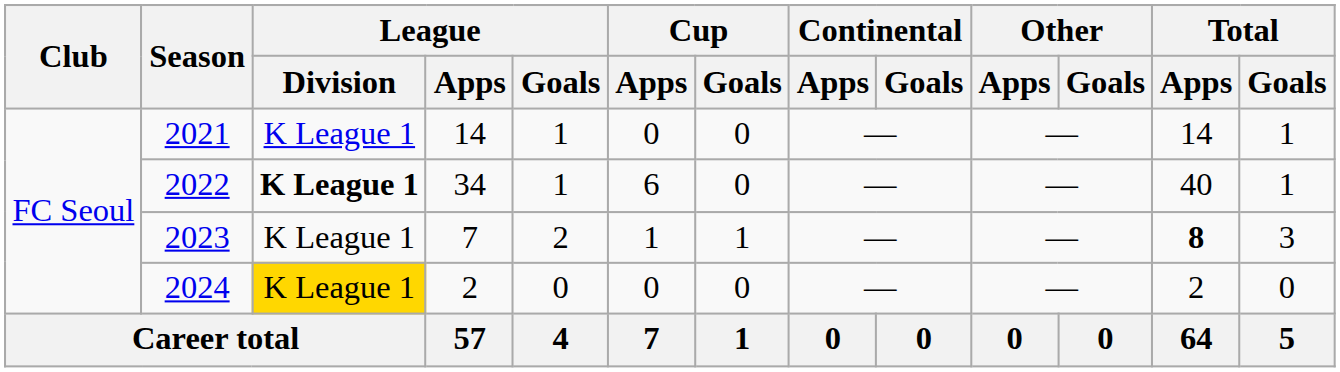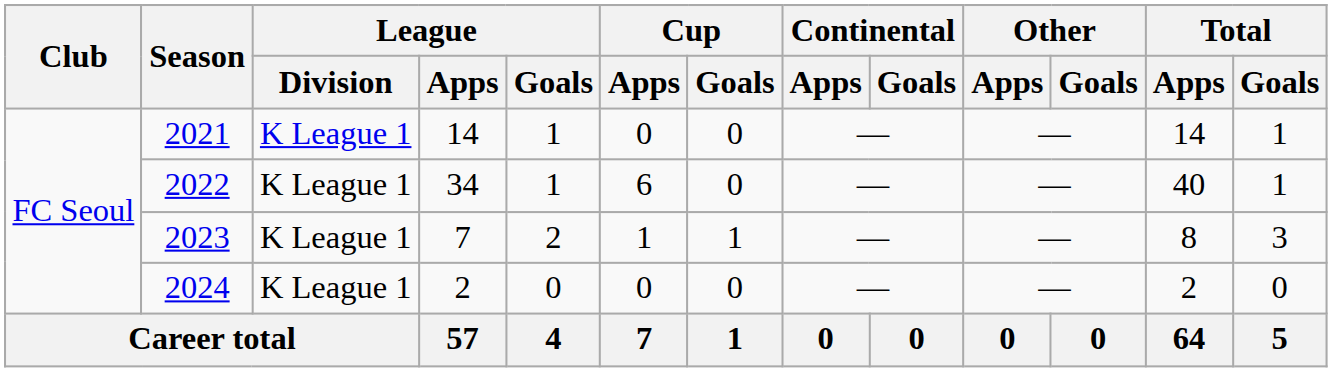 <table class="wikitable" style="text-align: center">
 <tr>
 <th rowspan="2">Club</th>
 <th rowspan="2">Season</th>
 <th colspan="3">League</th>
 <th colspan="2">Cup</th>
 <th colspan="2">Continental</th>
 <th colspan="2">Other</th>
 <th colspan="2">Total</th>
 </tr>
 <tr>
 <th>Division</th>
 <th>Apps</th>
 <th>Goals</th>
 <th>Apps</th>
 <th>Goals</th>
 <th>Apps</th>
 <th>Goals</th>
 <th>Apps</th>
 <th>Goals</th>
 <th>Apps</th>
 <th>Goals</th>
 </tr>
 <tr>
 <td rowspan="4"><a href='#'>FC Seoul</a></td>
 <td><a href='#'>2021</a></td>
 <td><a href='#'>K League 1</a></td>
 <td>14</td>
 <td>1</td>
 <td>0</td>
 <td>0</td>
 <td colspan=2>—</td>
 <td colspan=2>—</td>
 <td>14</td>
 <td>1</td>
 </tr>
 <tr>
 <td><a href='#'>2022</a></td>
-<td><strong>K League 1</strong></td>
+<td>K League 1</td>
 <td>34</td>
 <td>1</td>
 <td>6</td>
 <td>0</td>
 <td colspan=2>—</td>
 <td colspan=2>—</td>
 <td>40</td>
 <td>1</td>
 </tr>
 <tr>
 <td><a href='#'>2023</a></td>
 <td>K League 1</td>
 <td>7</td>
 <td>2</td>
 <td>1</td>
 <td>1</td>
 <td colspan=2>—</td>
 <td colspan=2>—</td>
-<td><strong>8</strong></td>
+<td>8</td>
 <td>3</td>
 </tr>
 <tr>
 <td><a href='#'>2024</a></td>
-<td style="background: gold;">K League 1</td>
+<td>K League 1</td>
 <td>2</td>
 <td>0</td>
 <td>0</td>
 <td>0</td>
 <td colspan=2>—</td>
 <td colspan=2>—</td>
 <td>2</td>
 <td>0</td>
 </tr>
 <tr>
 <th colspan=3>Career total</th>
 <th>57</th>
 <th>4</th>
 <th>7</th>
 <th>1</th>
 <th>0</th>
 <th>0</th>
 <th>0</th>
 <th>0</th>
 <th>64</th>
 <th>5</th>
 </tr>
 </table>
